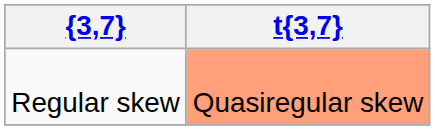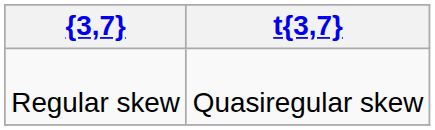 <table class=wikitable>
 <tr>
 <th><a href='#'>{3,7}</a></th>
 <th><a href='#'>t{3,7}</a></th>
 </tr>
 <tr align=center>
 <td><br>Regular skew</td>
-<td style="background: lightsalmon;"><br>Quasiregular skew</td>
+<td><br>Quasiregular skew</td>
 </tr>
 </table>
